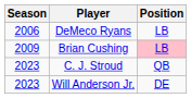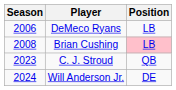 <table class="wikitable" style="text-align:center">
 <tr bgcolor="#efefef">
 <th>Season</th>
 <th>Player</th>
 <th>Position</th>
 </tr>
 <tr>
 <td><a href='#'>2006</a></td>
 <td><a href='#'>DeMeco Ryans</a></td>
 <td><a href='#'>LB</a></td>
 </tr>
 <tr>
-<td><a href='#'>2009</a></td>
+<td><a href='#'>2008</a></td>
 <td><a href='#'>Brian Cushing</a></td>
 <td style="background: pink;"><a href='#'>LB</a></td>
 </tr>
 <tr>
 <td><a href='#'>2023</a></td>
 <td><a href='#'>C. J. Stroud</a></td>
 <td><a href='#'>QB</a></td>
 </tr>
 <tr>
-<td><a href='#'>2023</a></td>
+<td><a href='#'>2024</a></td>
 <td><a href='#'>Will Anderson Jr.</a></td>
 <td><a href='#'>DE</a></td>
 </tr>
 </table>
